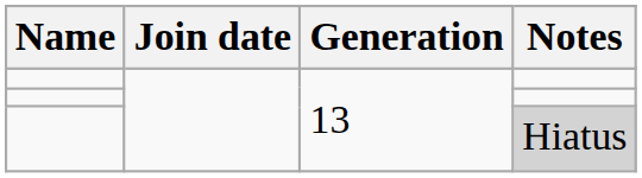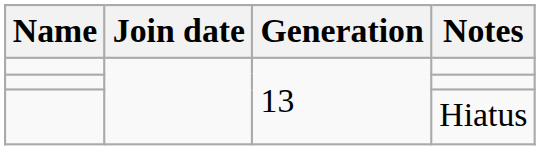 <table class="wikitable unsortable" style="font-size:100%; margin-right:0px;">
 <tr style="white-space:nowrap;">
 <th>Name</th>
 <th>Join date</th>
 <th>Generation</th>
 <th>Notes</th>
 </tr>
 <tr>
 <td></td>
 <td rowspan="3"></td>
 <td rowspan="3">13</td>
 <td></td>
 </tr>
 <tr>
 <td></td>
 <td></td>
 </tr>
 <tr>
 <td></td>
-<td style="background: lightgrey;">Hiatus</td>
+<td>Hiatus</td>
 </tr>
 </table>
